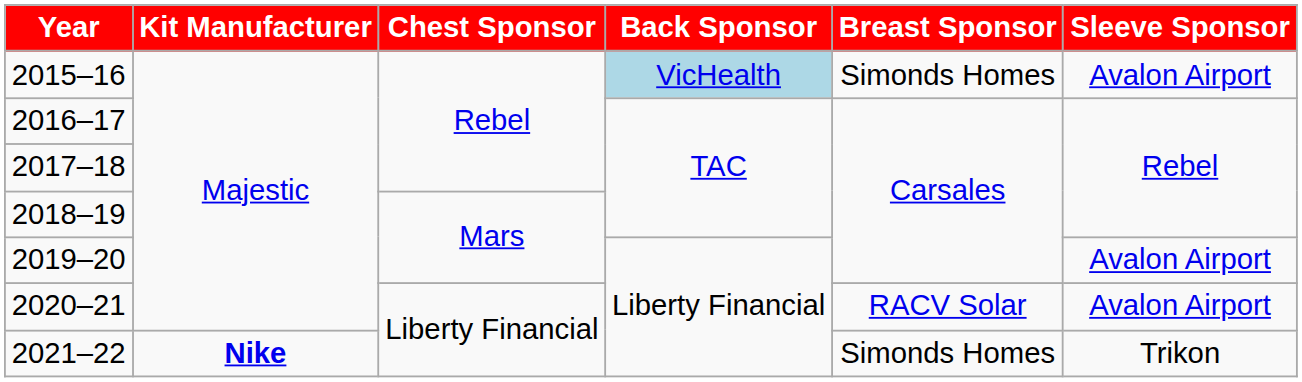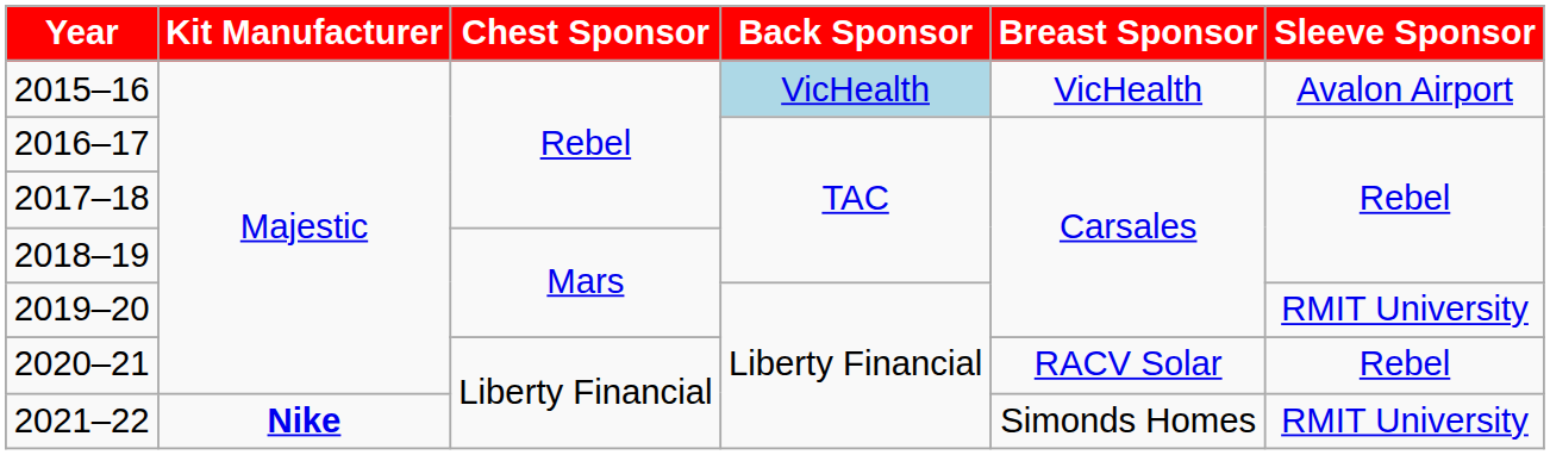 <table class="wikitable">
 <tr>
 <th style="background:red; color:white;">Year</th>
 <th style="background:red; color:white;">Kit Manufacturer</th>
 <th style="background:red; color:white;">Chest Sponsor</th>
 <th style="background:red; color:white;">Back Sponsor</th>
 <th style="background:red; color:white;">Breast Sponsor</th>
 <th style="background:red; color:white;">Sleeve Sponsor</th>
 </tr>
 <tr align=center>
 <td>2015–16</td>
 <td rowspan="6"><a href='#'>Majestic</a></td>
 <td rowspan="3"><a href='#'>Rebel</a></td>
 <td style="background: lightblue;"><a href='#'>VicHealth</a></td>
-<td>Simonds Homes</td>
+<td><a href='#'>VicHealth</a></td>
 <td><a href='#'>Avalon Airport</a></td>
 </tr>
 <tr align=center>
 <td>2016–17</td>
 <td rowspan="3"><a href='#'>TAC</a></td>
 <td rowspan="4"><a href='#'>Carsales</a></td>
 <td rowspan="3"><a href='#'>Rebel</a></td>
 </tr>
 <tr align=center>
 <td>2017–18</td>
 </tr>
 <tr align=center>
 <td>2018–19</td>
 <td rowspan="2"><a href='#'>Mars</a></td>
 </tr>
 <tr align=center>
 <td>2019–20</td>
 <td rowspan="3">Liberty Financial</td>
-<td><a href='#'>Avalon Airport</a></td>
+<td><a href='#'>RMIT University</a></td>
 </tr>
 <tr align=center>
 <td>2020–21</td>
 <td rowspan="2">Liberty Financial</td>
 <td><a href='#'>RACV Solar</a></td>
-<td><a href='#'>Avalon Airport</a></td>
+<td><a href='#'>Rebel</a></td>
 </tr>
 <tr align=center>
 <td>2021–22</td>
 <td><strong><a href='#'>Nike</a></strong></td>
 <td>Simonds Homes</td>
-<td>Trikon</td>
+<td><a href='#'>RMIT University</a></td>
 </tr>
 </table>
